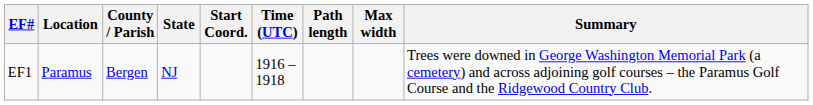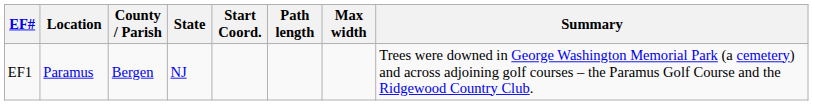 <table class="wikitable sortable" style="width:100%;">
 <tr>
 <th scope="col"  style="width:3%; text-align:center;"><a href='#'>EF#</a></th>
 <th scope="col"  style="width:7%; text-align:center;" class="unsortable">Location</th>
 <th scope="col"  style="width:6%; text-align:center;" class="unsortable">County / Parish</th>
 <th scope="col"  style="width:5%; text-align:center;">State</th>
 <th scope="col"  style="width:6%; text-align:center;">Start Coord.</th>
-<th scope="col"  style="width:6%; text-align:center;">Time (<a href='#'>UTC</a>)</th>
 <th scope="col"  style="width:6%; text-align:center;">Path length</th>
 <th scope="col"  style="width:6%; text-align:center;">Max width</th>
 <th scope="col" class="unsortable" style="width:48%; text-align:center;">Summary</th>
 </tr>
 <tr>
 <td>EF1</td>
 <td><a href='#'>Paramus</a></td>
 <td><a href='#'>Bergen</a></td>
 <td><a href='#'>NJ</a></td>
 <td></td>
-<td>1916 – 1918</td>
 <td></td>
 <td></td>
 <td>Trees were downed in <a href='#'>George Washington Memorial Park</a> (a <a href='#'>cemetery</a>) and across adjoining golf courses – the Paramus Golf Course and the <a href='#'>Ridgewood Country Club</a>.</td>
 </tr>
 </table>
